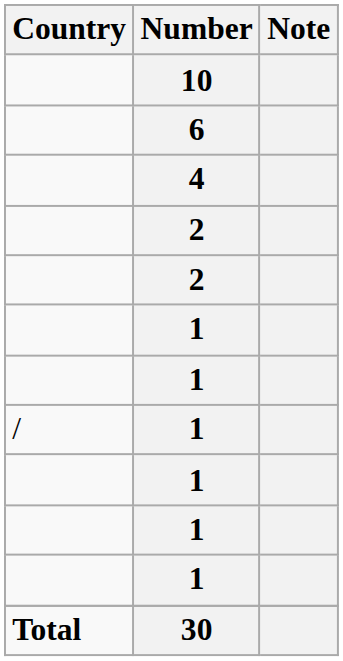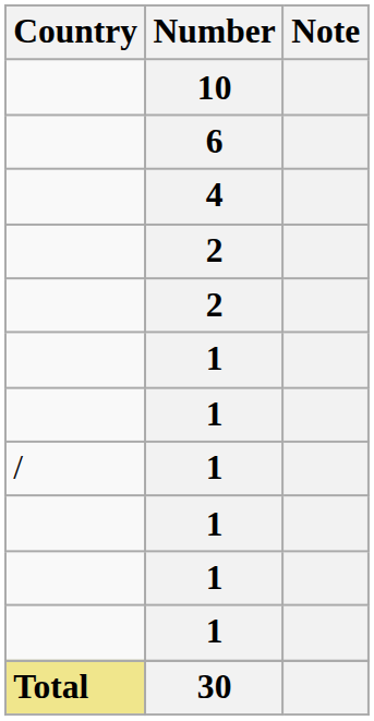 <table class="wikitable centre sortable">
 <tr>
 <th>Country</th>
 <th>Number</th>
 <th>Note</th>
 </tr>
 <tr>
 <td></td>
 <th>10</th>
 <th></th>
 </tr>
 <tr>
 <td></td>
 <th>6</th>
 <th></th>
 </tr>
 <tr>
 <td></td>
 <th>4</th>
 <th></th>
 </tr>
 <tr>
 <td></td>
 <th>2</th>
 <th></th>
 </tr>
 <tr>
 <td></td>
 <th>2</th>
 <th></th>
 </tr>
 <tr>
 <td></td>
 <th>1</th>
 <th></th>
 </tr>
 <tr>
 <td></td>
 <th>1</th>
 <th></th>
 </tr>
 <tr>
 <td>/</td>
 <th>1</th>
 <th></th>
 </tr>
 <tr>
 <td></td>
 <th>1</th>
 <th></th>
 </tr>
 <tr>
 <td></td>
 <th>1</th>
 <th></th>
 </tr>
 <tr>
 <td></td>
 <th>1</th>
 <th></th>
 </tr>
 <tr>
 </tr>
 <tr class="sortbottom">
-<td><strong>Total</strong></td>
+<td style="background: khaki;"><strong>Total</strong></td>
 <th>30</th>
 <th></th>
 </tr>
 </table>
